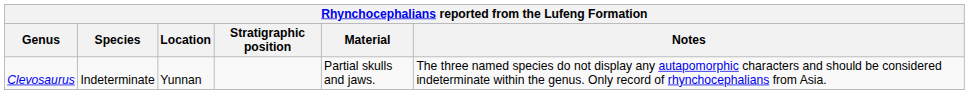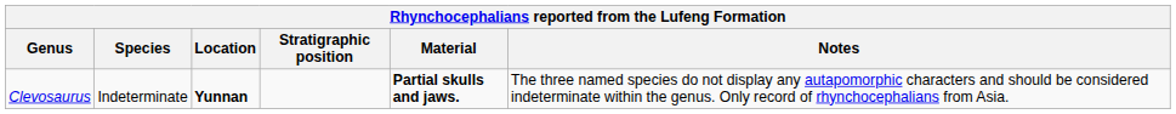 <table class="wikitable" style="margin:auto; width:100%;">
 <tr>
 <th colspan="7" style="text-align:center;"><a href='#'>Rhynchocephalians</a> reported from the Lufeng Formation</th>
 </tr>
 <tr>
 <th>Genus</th>
 <th>Species</th>
 <th>Location</th>
 <th>Stratigraphic position</th>
 <th>Material</th>
 <th>Notes</th>
 </tr>
 <tr>
 <td><br><em><a href='#'>Clevosaurus</a></em></td>
 <td><br>Indeterminate</td>
-<td><br>Yunnan</td>
+<td><strong><br>Yunnan</strong></td>
 <td></td>
-<td>Partial skulls and jaws.</td>
+<td><strong>Partial skulls and jaws.</strong></td>
 <td>The three named species do not display any <a href='#'>autapomorphic</a> characters and should be considered indeterminate within the genus. Only record of <a href='#'>rhynchocephalians</a> from Asia.</td>
 </tr>
 </table>
